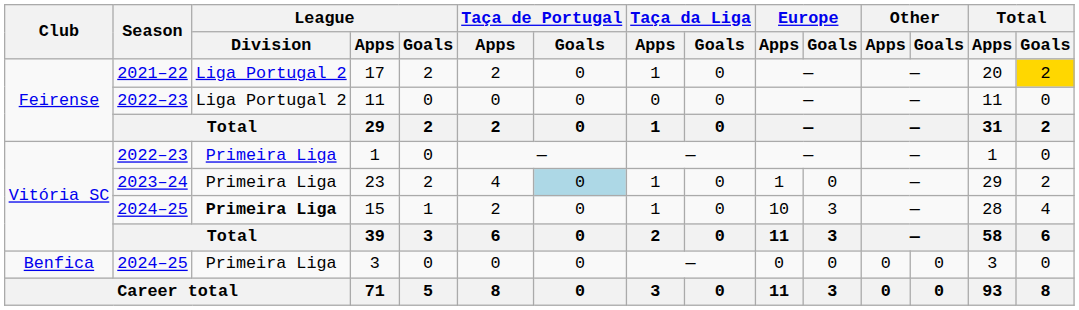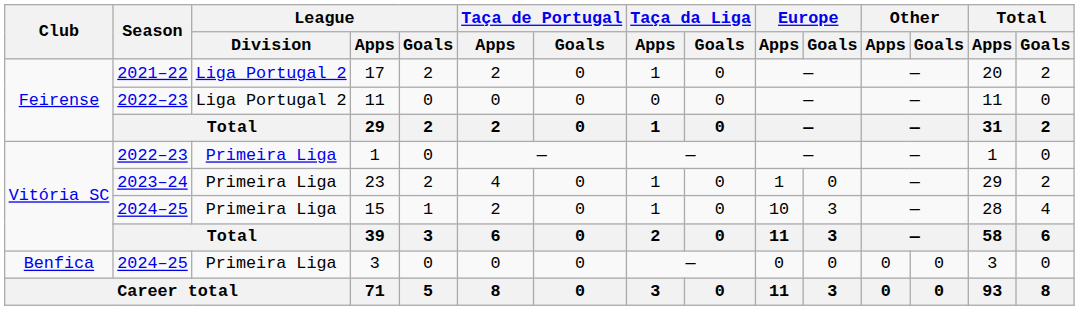 <table class="wikitable" style="text-align:center">
 <tr>
 <th rowspan="2">Club</th>
 <th rowspan="2">Season</th>
 <th colspan="3">League</th>
 <th colspan="2"><a href='#'>Taça de Portugal</a></th>
 <th colspan="2"><a href='#'>Taça da Liga</a></th>
 <th colspan="2"><a href='#'>Europe</a></th>
 <th colspan="2">Other</th>
 <th colspan="2">Total</th>
 </tr>
 <tr>
 <th>Division</th>
 <th>Apps</th>
 <th>Goals</th>
 <th>Apps</th>
 <th>Goals</th>
 <th>Apps</th>
 <th>Goals</th>
 <th>Apps</th>
 <th>Goals</th>
 <th>Apps</th>
 <th>Goals</th>
 <th>Apps</th>
 <th>Goals</th>
 </tr>
 <tr>
 <td rowspan="3"><a href='#'>Feirense</a></td>
 <td><a href='#'>2021–22</a></td>
 <td><a href='#'>Liga Portugal 2</a></td>
 <td>17</td>
 <td>2</td>
 <td>2</td>
 <td>0</td>
 <td>1</td>
 <td>0</td>
 <td colspan="2">—</td>
 <td colspan="2">—</td>
 <td>20</td>
-<td style="background: gold;">2</td>
+<td>2</td>
 </tr>
 <tr>
 <td><a href='#'>2022–23</a></td>
 <td>Liga Portugal 2</td>
 <td>11</td>
 <td>0</td>
 <td>0</td>
 <td>0</td>
 <td>0</td>
 <td>0</td>
 <td colspan="2">—</td>
 <td colspan="2">—</td>
 <td>11</td>
 <td>0</td>
 </tr>
 <tr>
 <th colspan="2">Total</th>
 <th>29</th>
 <th>2</th>
 <th>2</th>
 <th>0</th>
 <th>1</th>
 <th>0</th>
 <th colspan="2">—</th>
 <th colspan="2">—</th>
 <th>31</th>
 <th>2</th>
 </tr>
 <tr>
 <td rowspan="4"><a href='#'>Vitória SC</a></td>
 <td><a href='#'>2022–23</a></td>
 <td><a href='#'>Primeira Liga</a></td>
 <td>1</td>
 <td>0</td>
 <td colspan="2">—</td>
 <td colspan="2">—</td>
 <td colspan="2">—</td>
 <td colspan="2">—</td>
 <td>1</td>
 <td>0</td>
 </tr>
 <tr>
 <td><a href='#'>2023–24</a></td>
 <td>Primeira Liga</td>
 <td>23</td>
 <td>2</td>
 <td>4</td>
-<td style="background: lightblue;">0</td>
+<td>0</td>
 <td>1</td>
 <td>0</td>
 <td>1</td>
 <td>0</td>
 <td colspan="2">—</td>
 <td>29</td>
 <td>2</td>
 </tr>
 <tr>
 <td><a href='#'>2024–25</a></td>
-<td><strong>Primeira Liga</strong></td>
+<td>Primeira Liga</td>
 <td>15</td>
 <td>1</td>
 <td>2</td>
 <td>0</td>
 <td>1</td>
 <td>0</td>
 <td>10</td>
 <td>3</td>
 <td colspan="2">—</td>
 <td>28</td>
 <td>4</td>
 </tr>
 <tr>
 <th colspan="2">Total</th>
 <th>39</th>
 <th>3</th>
 <th>6</th>
 <th>0</th>
 <th>2</th>
 <th>0</th>
 <th>11</th>
 <th>3</th>
 <th colspan="2">—</th>
 <th>58</th>
 <th>6</th>
 </tr>
 <tr>
 <td><a href='#'>Benfica</a></td>
 <td><a href='#'>2024–25</a></td>
 <td>Primeira Liga</td>
 <td>3</td>
 <td>0</td>
 <td>0</td>
 <td>0</td>
 <td colspan="2">—</td>
 <td>0</td>
 <td>0</td>
 <td>0</td>
 <td>0</td>
 <td>3</td>
 <td>0</td>
 </tr>
 <tr>
 <th colspan="3">Career total</th>
 <th>71</th>
 <th>5</th>
 <th>8</th>
 <th>0</th>
 <th>3</th>
 <th>0</th>
 <th>11</th>
 <th>3</th>
 <th>0</th>
 <th>0</th>
 <th>93</th>
 <th>8</th>
 </tr>
 </table>
